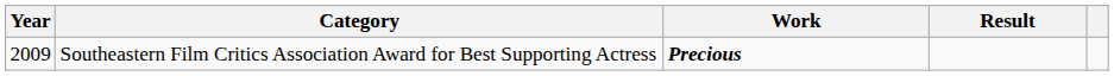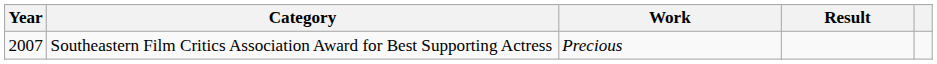 <table class="wikitable">
 <tr>
 <th scope="col" style="width:1em;">Year</th>
 <th scope="col" style="width:44em;">Category</th>
 <th scope="col" style="width:18em;">Work</th>
 <th scope="col" style="width:10em;">Result</th>
 <th class="unsortable" style="width:1em;"></th>
 </tr>
 <tr>
-<td>2009</td>
+<td>2007</td>
 <td>Southeastern Film Critics Association Award for Best Supporting Actress</td>
-<td><strong><em>Precious</em></strong></td>
+<td><em>Precious</em></td>
 <td></td>
 <td></td>
 </tr>
 </table>
